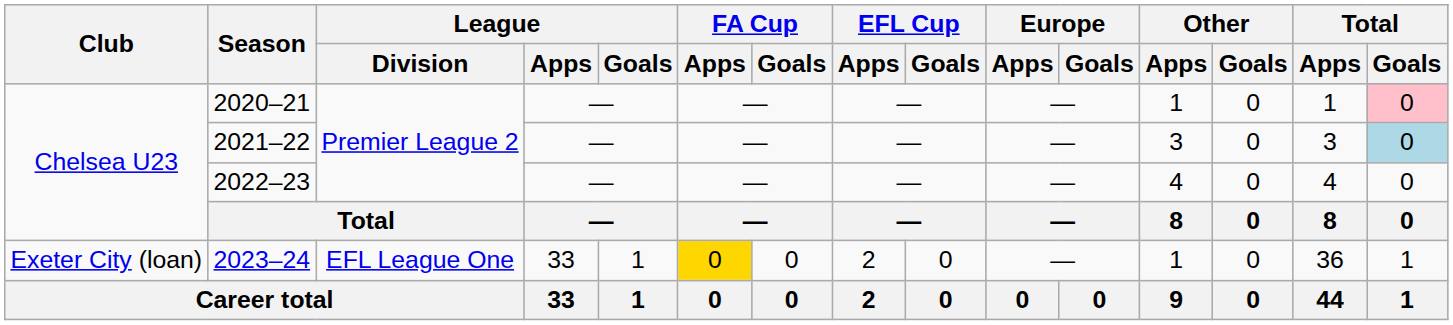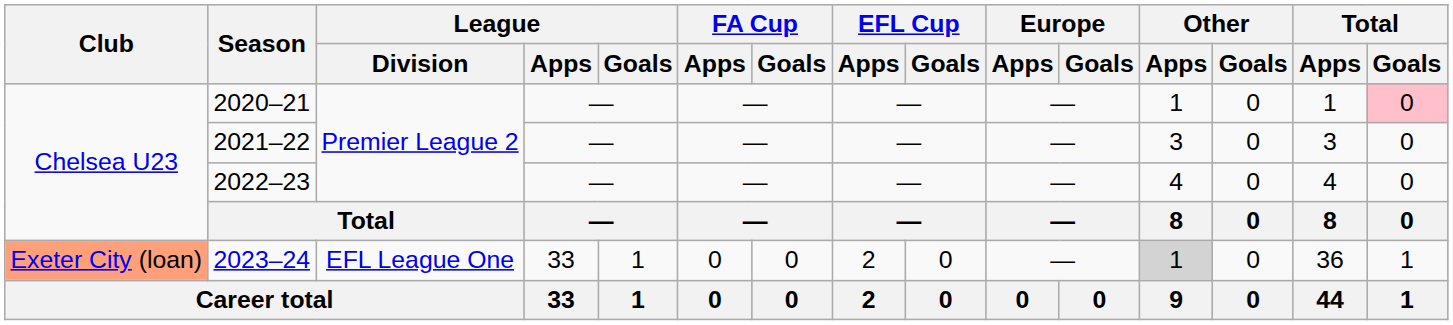 <table class="wikitable" style="text-align: center;">
 <tr>
 <th rowspan=2>Club</th>
 <th rowspan=2>Season</th>
 <th colspan=3>League</th>
 <th colspan=2><a href='#'>FA Cup</a></th>
 <th colspan=2><a href='#'>EFL Cup</a></th>
 <th colspan=2>Europe</th>
 <th colspan=2>Other</th>
 <th colspan=2>Total</th>
 </tr>
 <tr>
 <th>Division</th>
 <th>Apps</th>
 <th>Goals</th>
 <th>Apps</th>
 <th>Goals</th>
 <th>Apps</th>
 <th>Goals</th>
 <th>Apps</th>
 <th>Goals</th>
 <th>Apps</th>
 <th>Goals</th>
 <th>Apps</th>
 <th>Goals</th>
 </tr>
 <tr>
 <td rowspan=4><a href='#'>Chelsea U23</a></td>
 <td>2020–21</td>
 <td rowspan=3><a href='#'>Premier League 2</a></td>
 <td colspan=2>—</td>
 <td colspan=2>—</td>
 <td colspan=2>—</td>
 <td colspan=2>—</td>
 <td>1</td>
 <td>0</td>
 <td>1</td>
 <td style="background: pink;">0</td>
 </tr>
 <tr>
 <td>2021–22</td>
 <td colspan=2>—</td>
 <td colspan=2>—</td>
 <td colspan=2>—</td>
 <td colspan=2>—</td>
 <td>3</td>
 <td>0</td>
 <td>3</td>
-<td style="background: lightblue;">0</td>
+<td>0</td>
 </tr>
 <tr>
 <td>2022–23</td>
 <td colspan=2>—</td>
 <td colspan=2>—</td>
 <td colspan=2>—</td>
 <td colspan=2>—</td>
 <td>4</td>
 <td>0</td>
 <td>4</td>
 <td>0</td>
 </tr>
 <tr>
 <th colspan=2>Total</th>
 <th colspan=2>—</th>
 <th colspan=2>—</th>
 <th colspan=2>—</th>
 <th colspan=2>—</th>
 <th>8</th>
 <th>0</th>
 <th>8</th>
 <th>0</th>
 </tr>
 <tr>
-<td><a href='#'>Exeter City</a> (loan)</td>
+<td style="background: lightsalmon;"><a href='#'>Exeter City</a> (loan)</td>
 <td><a href='#'>2023–24</a></td>
 <td><a href='#'>EFL League One</a></td>
 <td>33</td>
 <td>1</td>
-<td style="background: gold;">0</td>
+<td>0</td>
 <td>0</td>
 <td>2</td>
 <td>0</td>
 <td colspan=2>—</td>
-<td>1</td>
+<td style="background: lightgrey;">1</td>
 <td>0</td>
 <td>36</td>
 <td>1</td>
 </tr>
 <tr>
 <th colspan=3>Career total</th>
 <th>33</th>
 <th>1</th>
 <th>0</th>
 <th>0</th>
 <th>2</th>
 <th>0</th>
 <th>0</th>
 <th>0</th>
 <th>9</th>
 <th>0</th>
 <th>44</th>
 <th>1</th>
 </tr>
 </table>
